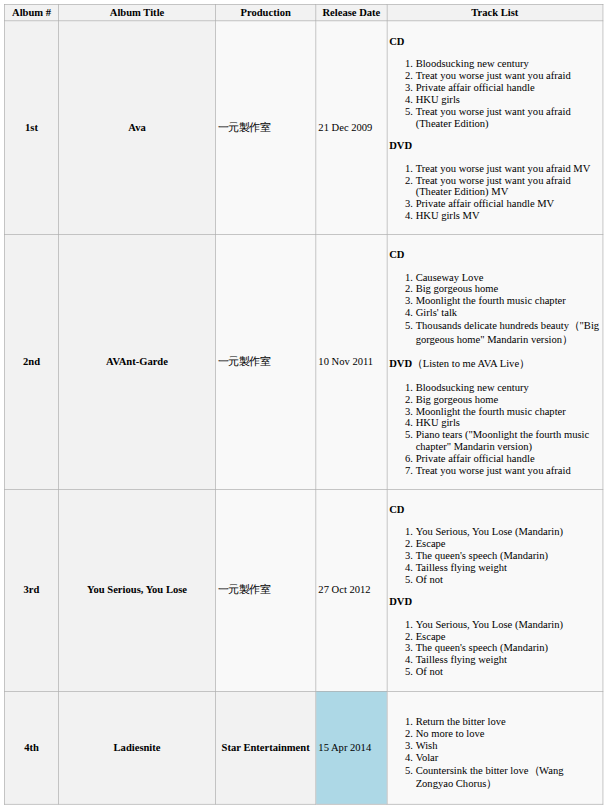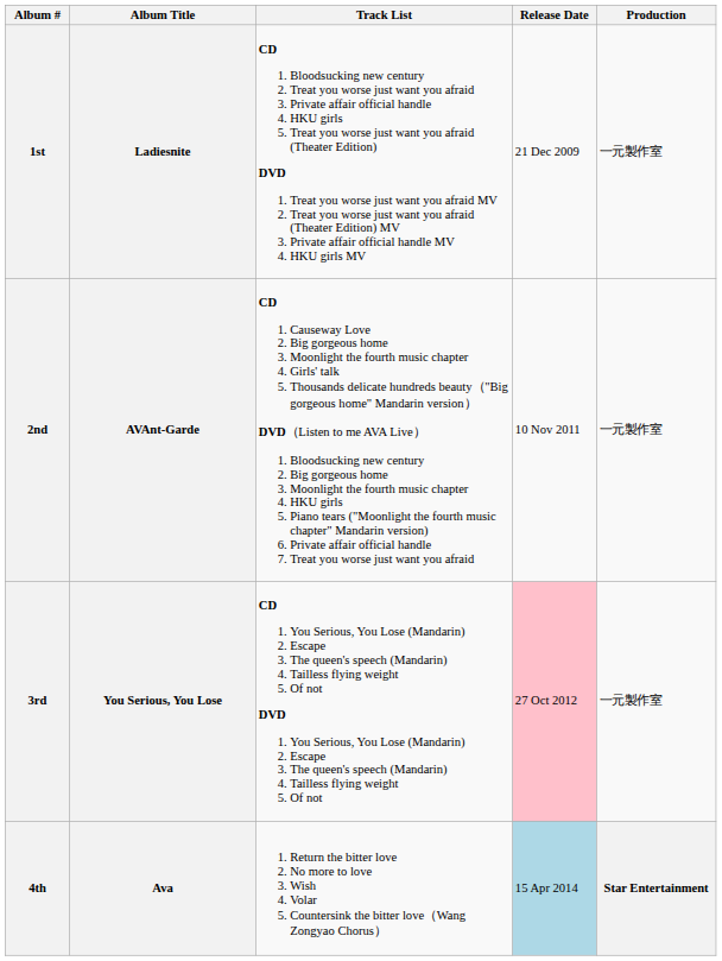 <table class="wikitable">
 <tr>
 <th align="left" width="75px">Album #</th>
 <th align="left" width="230px">Album Title</th>
+<th align="left" width="320px">Track List</th>
+<th align="left" width="100px">Release Date</th>
 <th align="left" width="145px">Production</th>
-<th align="left" width="100px">Release Date</th>
-<th align="left" width="320px">Track List</th>
 </tr>
 <tr>
 <th>1st</th>
-<th>Ava</th>
+<th>Ladiesnite</th>
+<td><br><strong>CD</strong><ol><li>Bloodsucking new century</li><li>Treat you worse just want you afraid</li><li>Private affair official handle</li><li>HKU girls</li><li>Treat you worse just want you afraid (Theater Edition)</li></ol><strong>DVD</strong><ol><li>Treat you worse just want you afraid MV</li><li>Treat you worse just want you afraid (Theater Edition) MV</li><li>Private affair official handle MV</li><li>HKU girls MV</li></ol></td>
+<td>21 Dec 2009</td>
 <td>一元製作室</td>
-<td>21 Dec 2009</td>
-<td><br><strong>CD</strong><ol><li>Bloodsucking new century</li><li>Treat you worse just want you afraid</li><li>Private affair official handle</li><li>HKU girls</li><li>Treat you worse just want you afraid (Theater Edition)</li></ol><strong>DVD</strong><ol><li>Treat you worse just want you afraid MV</li><li>Treat you worse just want you afraid (Theater Edition) MV</li><li>Private affair official handle MV</li><li>HKU girls MV</li></ol></td>
 </tr>
 <tr>
 <th>2nd</th>
 <th>AVAnt-Garde</th>
+<td><br><strong>CD</strong><ol><li>Causeway Love</li><li>Big gorgeous home</li><li>Moonlight the fourth music chapter</li><li>Girls' talk</li><li>Thousands delicate hundreds beauty（"Big gorgeous home" Mandarin version）</li></ol><strong>DVD</strong>（Listen to me AVA Live）<ol><li>Bloodsucking new century</li><li>Big gorgeous home</li><li>Moonlight the fourth music chapter</li><li>HKU girls</li><li>Piano tears ("Moonlight the fourth music chapter" Mandarin version)</li><li>Private affair official handle</li><li>Treat you worse just want you afraid</li></ol></td>
+<td>10 Nov 2011</td>
 <td>一元製作室</td>
-<td>10 Nov 2011</td>
-<td><br><strong>CD</strong><ol><li>Causeway Love</li><li>Big gorgeous home</li><li>Moonlight the fourth music chapter</li><li>Girls' talk</li><li>Thousands delicate hundreds beauty（"Big gorgeous home" Mandarin version）</li></ol><strong>DVD</strong>（Listen to me AVA Live）<ol><li>Bloodsucking new century</li><li>Big gorgeous home</li><li>Moonlight the fourth music chapter</li><li>HKU girls</li><li>Piano tears ("Moonlight the fourth music chapter" Mandarin version)</li><li>Private affair official handle</li><li>Treat you worse just want you afraid</li></ol></td>
 </tr>
 <tr>
 <th>3rd</th>
 <th>You Serious, You Lose</th>
+<td><br><strong>CD</strong><ol><li>You Serious, You Lose (Mandarin)</li><li>Escape</li><li>The queen's speech (Mandarin)</li><li>Tailless flying weight</li><li>Of not</li></ol><strong>DVD</strong><ol><li>You Serious, You Lose (Mandarin)</li><li>Escape</li><li>The queen's speech (Mandarin)</li><li>Tailless flying weight</li><li>Of not</li></ol></td>
+<td style="background: pink;">27 Oct 2012</td>
 <td>一元製作室</td>
-<td>27 Oct 2012</td>
-<td><br><strong>CD</strong><ol><li>You Serious, You Lose (Mandarin)</li><li>Escape</li><li>The queen's speech (Mandarin)</li><li>Tailless flying weight</li><li>Of not</li></ol><strong>DVD</strong><ol><li>You Serious, You Lose (Mandarin)</li><li>Escape</li><li>The queen's speech (Mandarin)</li><li>Tailless flying weight</li><li>Of not</li></ol></td>
 </tr>
 <tr>
 <th>4th</th>
-<th>Ladiesnite</th>
+<th>Ava</th>
+<td><br><ol><li>Return the bitter love</li><li>No more to love</li><li>Wish</li><li>Volar</li><li>Countersink the bitter love（Wang Zongyao Chorus）</li></ol></td>
+<td style="background: lightblue;">15 Apr 2014</td>
 <th>Star Entertainment</th>
-<td style="background: lightblue;">15 Apr 2014</td>
-<td><br><ol><li>Return the bitter love</li><li>No more to love</li><li>Wish</li><li>Volar</li><li>Countersink the bitter love（Wang Zongyao Chorus）</li></ol></td>
 </tr>
 </table>
